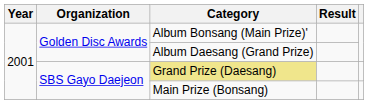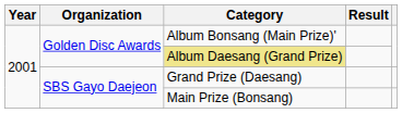 <table class="wikitable plainrowheaders">
 <tr>
 <th>Year</th>
 <th>Organization</th>
 <th>Category</th>
 <th>Result</th>
 <th scope="col" class="unsortable"></th>
 </tr>
 <tr>
 <td rowspan="4">2001</td>
 <td rowspan="2"><a href='#'>Golden Disc Awards</a></td>
 <td>Album Bonsang (Main Prize)'</td>
 <td></td>
 <td rowspan="2" style="text-align:center;"></td>
 </tr>
 <tr>
-<td>Album Daesang (Grand Prize)</td>
+<td style="background: khaki;">Album Daesang (Grand Prize)</td>
 <td></td>
 </tr>
 <tr>
 <td rowspan="2"><a href='#'>SBS Gayo Daejeon</a></td>
-<td style="background: khaki;">Grand Prize (Daesang)</td>
+<td>Grand Prize (Daesang)</td>
 <td></td>
 <td style="text-align:center;"></td>
 </tr>
 <tr>
 <td>Main Prize (Bonsang)</td>
 <td></td>
 <td></td>
 </tr>
 </table>
